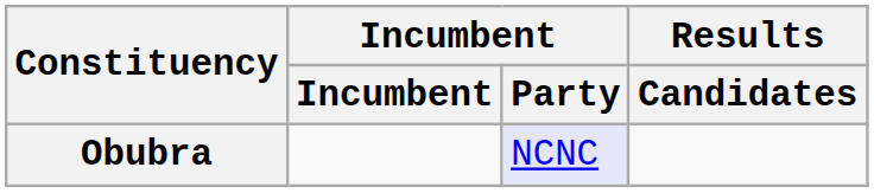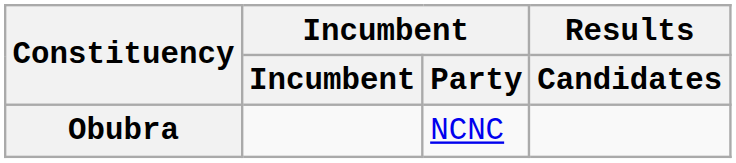 <table class="wikitable sortable">
 <tr>
 <th rowspan="2">Constituency</th>
 <th colspan="2">Incumbent</th>
 <th>Results</th>
 </tr>
 <tr valign="bottom">
 <th>Incumbent</th>
 <th>Party</th>
 <th>Candidates</th>
 </tr>
 <tr>
 <th>Obubra</th>
 <td></td>
-<td style="background: lavender;"><a href='#'>NCNC</a></td>
+<td><a href='#'>NCNC</a></td>
 <td nowrap=""></td>
 </tr>
 </table>
